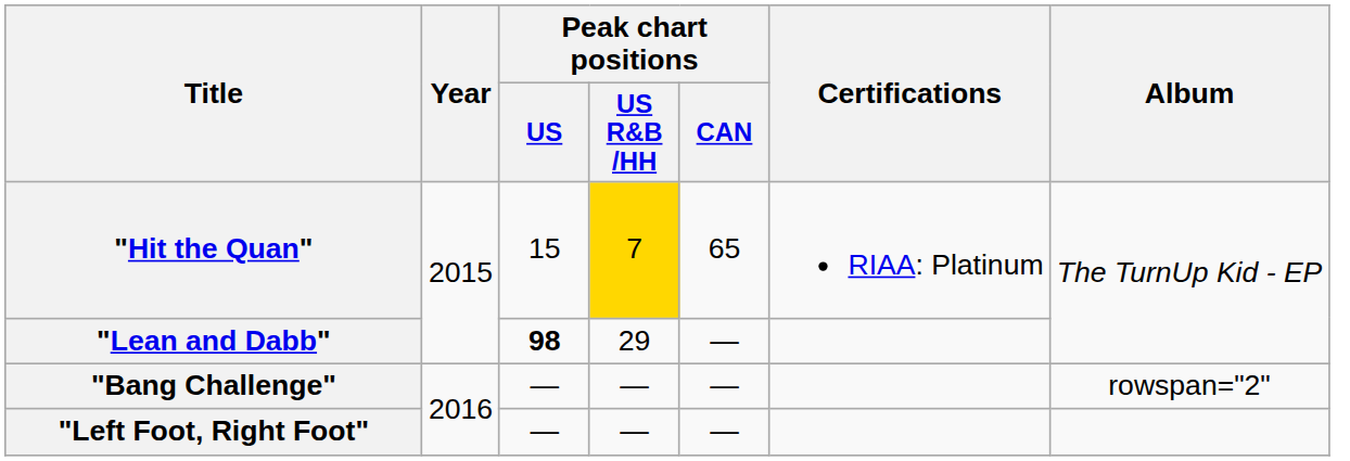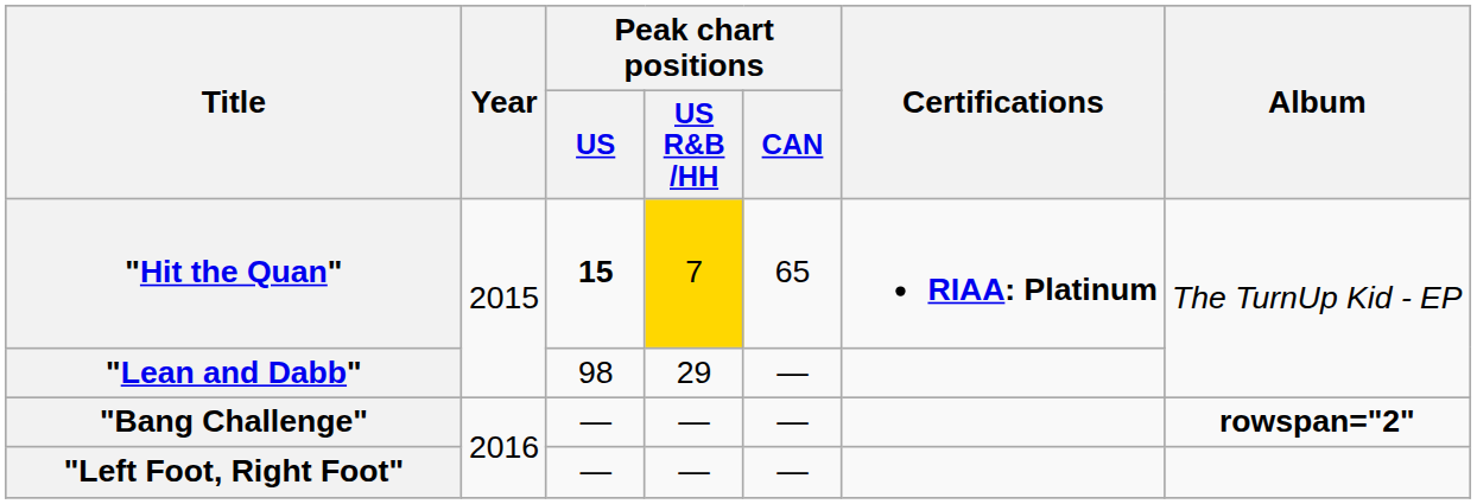 <table class="wikitable plainrowheaders" style="text-align:center;">
 <tr>
 <th scope="col" rowspan="2" style="width:14em;">Title</th>
 <th scope="col" rowspan="2">Year</th>
 <th scope="col" colspan="3">Peak chart positions</th>
 <th rowspan="2">Certifications</th>
 <th rowspan="2" scope="col">Album</th>
 </tr>
 <tr>
 <th scope="col" style="width:3em;font-size:90%;"><a href='#'>US</a><br></th>
 <th scope="col" style="width:3em;font-size:90%;"><a href='#'>US<br>R&B<br>/HH</a><br></th>
 <th scope="col" style="width:3em;font-size:90%;"><a href='#'>CAN</a></th>
 </tr>
 <tr>
 <th scope="row">"<a href='#'>Hit the Quan</a>"</th>
 <td rowspan="2">2015</td>
-<td>15</td>
+<td><strong>15</strong></td>
 <td style="background: gold;">7</td>
 <td>65</td>
-<td><br><ul><li><a href='#'>RIAA</a>: Platinum</li></ul></td>
+<td><strong><br><ul><li><a href='#'>RIAA</a>: Platinum</li></ul></strong></td>
 <td rowspan="2"><em>The TurnUp Kid - EP</em></td>
 </tr>
 <tr>
 <th scope="row">"<a href='#'>Lean and Dabb</a>"</th>
-<td><strong>98</strong></td>
+<td>98</td>
 <td>29</td>
 <td>—</td>
 <td></td>
 </tr>
 <tr>
 <th scope="row">"Bang Challenge"</th>
 <td rowspan="2">2016</td>
 <td>—</td>
 <td>—</td>
 <td>—</td>
 <td></td>
-<td>rowspan="2" </td>
+<td><strong>rowspan="2" </strong></td>
 </tr>
 <tr>
 <th scope="row">"Left Foot, Right Foot"</th>
 <td>—</td>
 <td>—</td>
 <td>—</td>
 <td></td>
 </tr>
 </table>
